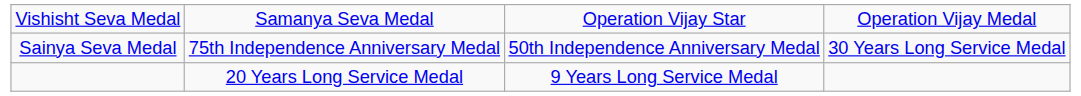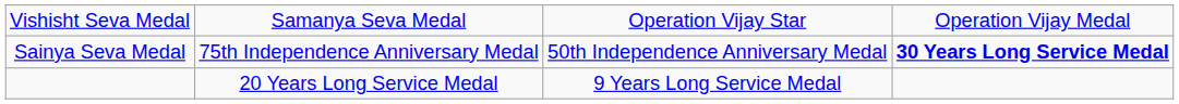 <table class="wikitable" style="margin:1em auto; text-align:center;">
 <tr>
 <td><a href='#'>Vishisht Seva Medal</a></td>
 <td><a href='#'>Samanya Seva Medal</a></td>
 <td><a href='#'>Operation Vijay Star</a></td>
 <td><a href='#'>Operation Vijay Medal</a></td>
 </tr>
 <tr>
 <td><a href='#'>Sainya Seva Medal</a></td>
 <td><a href='#'>75th Independence Anniversary Medal</a></td>
 <td><a href='#'>50th Independence Anniversary Medal</a></td>
-<td><a href='#'>30 Years Long Service Medal</a></td>
+<td><strong><a href='#'>30 Years Long Service Medal</a></strong></td>
 </tr>
 <tr>
 <td></td>
 <td><a href='#'>20 Years Long Service Medal</a></td>
 <td><a href='#'>9 Years Long Service Medal</a></td>
 <td></td>
 </tr>
 </table>
